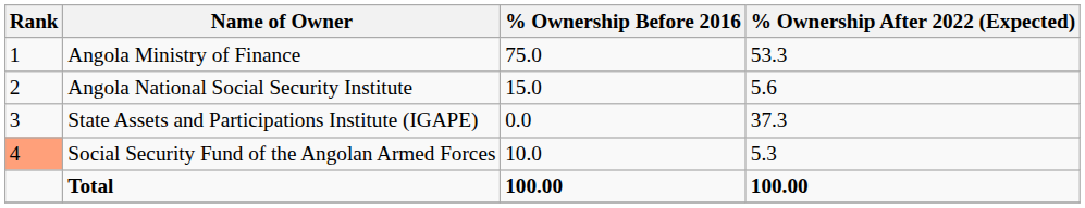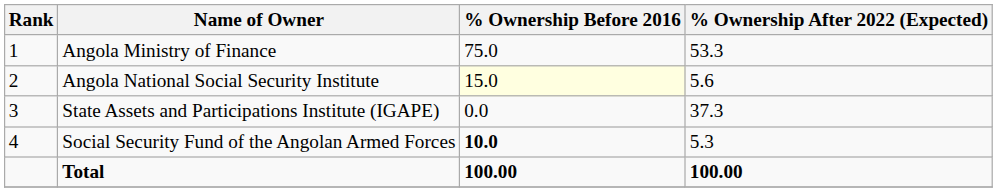 <table class="wikitable sortable" style="margin-left:auto;margin-right:auto">
 <tr>
 <th style="width:2em;">Rank</th>
 <th>Name of Owner</th>
 <th>% Ownership Before 2016</th>
 <th>% Ownership After 2022 (Expected)</th>
 </tr>
 <tr>
 <td>1</td>
 <td>Angola Ministry of Finance</td>
 <td>75.0</td>
 <td>53.3</td>
 </tr>
 <tr>
 <td>2</td>
 <td>Angola National Social Security Institute</td>
-<td>15.0</td>
+<td style="background: lightyellow;">15.0</td>
 <td>5.6</td>
 </tr>
 <tr>
 <td>3</td>
 <td>State Assets and Participations Institute (IGAPE)</td>
 <td>0.0</td>
 <td>37.3</td>
 </tr>
 <tr>
-<td style="background: lightsalmon;">4</td>
+<td>4</td>
 <td>Social Security Fund of the Angolan Armed Forces</td>
-<td>10.0</td>
+<td><strong>10.0</strong></td>
 <td>5.3</td>
 </tr>
 <tr>
 <td></td>
 <td><strong>Total</strong></td>
 <td><strong>100.00</strong></td>
 <td><strong>100.00</strong></td>
 </tr>
 <tr>
 </tr>
 </table>
